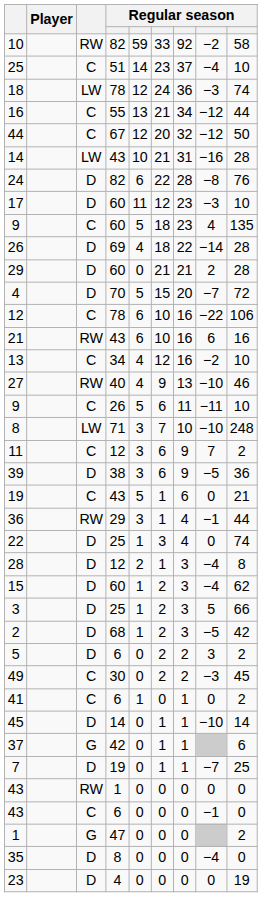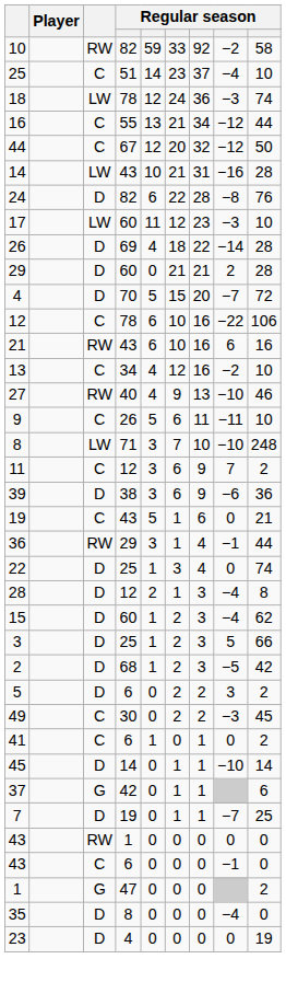 <table class="wikitable sortable plainrowheaders" style="text-align:center;">
 <tr>
 <th scope="col" data-sort-type="number" rowspan="2"></th>
 <th scope="col" rowspan="2">Player</th>
 <th scope="col" rowspan="2"></th>
 <th scope=colgroup colspan=6>Regular season</th>
 </tr>
 <tr>
 <th scope="col" data-sort-type="number"></th>
 <th scope="col" data-sort-type="number"></th>
 <th scope="col" data-sort-type="number"></th>
 <th scope="col" data-sort-type="number"></th>
 <th scope="col" data-sort-type="number"></th>
 <th scope="col" data-sort-type="number"></th>
 </tr>
 <tr>
 <td scope="row">10</td>
 <td align="left"></td>
 <td>RW</td>
 <td>82</td>
 <td>59</td>
 <td>33</td>
 <td>92</td>
 <td>−2</td>
 <td>58</td>
 </tr>
 <tr>
 <td scope="row">25</td>
 <td align="left"></td>
 <td>C</td>
 <td>51</td>
 <td>14</td>
 <td>23</td>
 <td>37</td>
 <td>−4</td>
 <td>10</td>
 </tr>
 <tr>
 <td scope="row">18</td>
 <td align="left"></td>
 <td>LW</td>
 <td>78</td>
 <td>12</td>
 <td>24</td>
 <td>36</td>
 <td>−3</td>
 <td>74</td>
 </tr>
 <tr>
 <td scope="row">16</td>
 <td align="left"></td>
 <td>C</td>
 <td>55</td>
 <td>13</td>
 <td>21</td>
 <td>34</td>
 <td>−12</td>
 <td>44</td>
 </tr>
 <tr>
 <td scope="row">44</td>
 <td align="left"></td>
 <td>C</td>
 <td>67</td>
 <td>12</td>
 <td>20</td>
 <td>32</td>
 <td>−12</td>
 <td>50</td>
 </tr>
 <tr>
 <td scope="row">14</td>
 <td align="left"></td>
 <td>LW</td>
 <td>43</td>
 <td>10</td>
 <td>21</td>
 <td>31</td>
 <td>−16</td>
 <td>28</td>
 </tr>
 <tr>
 <td scope="row">24</td>
 <td align="left"></td>
 <td>D</td>
 <td>82</td>
 <td>6</td>
 <td>22</td>
 <td>28</td>
 <td>−8</td>
 <td>76</td>
 </tr>
 <tr>
 <td scope="row">17</td>
 <td align="left"></td>
-<td>D</td>
+<td>LW</td>
 <td>60</td>
 <td>11</td>
 <td>12</td>
 <td>23</td>
 <td>−3</td>
 <td>10</td>
-</tr>
-<tr>
-<td scope="row">9</td>
-<td align="left"></td>
-<td>C</td>
-<td>60</td>
-<td>5</td>
-<td>18</td>
-<td>23</td>
-<td>4</td>
-<td>135</td>
 </tr>
 <tr>
 <td scope="row">26</td>
 <td align="left"></td>
 <td>D</td>
 <td>69</td>
 <td>4</td>
 <td>18</td>
 <td>22</td>
 <td>−14</td>
 <td>28</td>
 </tr>
 <tr>
 <td scope="row">29</td>
 <td align="left"></td>
 <td>D</td>
 <td>60</td>
 <td>0</td>
 <td>21</td>
 <td>21</td>
 <td>2</td>
 <td>28</td>
 </tr>
 <tr>
 <td scope="row">4</td>
 <td align="left"></td>
 <td>D</td>
 <td>70</td>
 <td>5</td>
 <td>15</td>
 <td>20</td>
 <td>−7</td>
 <td>72</td>
 </tr>
 <tr>
 <td scope="row">12</td>
 <td align="left"></td>
 <td>C</td>
 <td>78</td>
 <td>6</td>
 <td>10</td>
 <td>16</td>
 <td>−22</td>
 <td>106</td>
 </tr>
 <tr>
 <td scope="row">21</td>
 <td align="left"></td>
 <td>RW</td>
 <td>43</td>
 <td>6</td>
 <td>10</td>
 <td>16</td>
 <td>6</td>
 <td>16</td>
 </tr>
 <tr>
 <td scope="row">13</td>
 <td align="left"></td>
 <td>C</td>
 <td>34</td>
 <td>4</td>
 <td>12</td>
 <td>16</td>
 <td>−2</td>
 <td>10</td>
 </tr>
 <tr>
 <td scope="row">27</td>
 <td align="left"></td>
 <td>RW</td>
 <td>40</td>
 <td>4</td>
 <td>9</td>
 <td>13</td>
 <td>−10</td>
 <td>46</td>
 </tr>
 <tr>
 <td scope="row">9</td>
 <td align="left"></td>
 <td>C</td>
 <td>26</td>
 <td>5</td>
 <td>6</td>
 <td>11</td>
 <td>−11</td>
 <td>10</td>
 </tr>
 <tr>
 <td scope="row">8</td>
 <td align="left"></td>
 <td>LW</td>
 <td>71</td>
 <td>3</td>
 <td>7</td>
 <td>10</td>
 <td>−10</td>
 <td>248</td>
 </tr>
 <tr>
 <td scope="row">11</td>
 <td align="left"></td>
 <td>C</td>
 <td>12</td>
 <td>3</td>
 <td>6</td>
 <td>9</td>
 <td>7</td>
 <td>2</td>
 </tr>
 <tr>
 <td scope="row">39</td>
 <td align="left"></td>
 <td>D</td>
 <td>38</td>
 <td>3</td>
 <td>6</td>
 <td>9</td>
-<td>−5</td>
+<td>−6</td>
 <td>36</td>
 </tr>
 <tr>
 <td scope="row">19</td>
 <td align="left"></td>
 <td>C</td>
 <td>43</td>
 <td>5</td>
 <td>1</td>
 <td>6</td>
 <td>0</td>
 <td>21</td>
 </tr>
 <tr>
 <td scope="row">36</td>
 <td align="left"></td>
 <td>RW</td>
 <td>29</td>
 <td>3</td>
 <td>1</td>
 <td>4</td>
 <td>−1</td>
 <td>44</td>
 </tr>
 <tr>
 <td scope="row">22</td>
 <td align="left"></td>
 <td>D</td>
 <td>25</td>
 <td>1</td>
 <td>3</td>
 <td>4</td>
 <td>0</td>
 <td>74</td>
 </tr>
 <tr>
 <td scope="row">28</td>
 <td align="left"></td>
 <td>D</td>
 <td>12</td>
 <td>2</td>
 <td>1</td>
 <td>3</td>
 <td>−4</td>
 <td>8</td>
 </tr>
 <tr>
 <td scope="row">15</td>
 <td align="left"></td>
 <td>D</td>
 <td>60</td>
 <td>1</td>
 <td>2</td>
 <td>3</td>
 <td>−4</td>
 <td>62</td>
 </tr>
 <tr>
 <td scope="row">3</td>
 <td align="left"></td>
 <td>D</td>
 <td>25</td>
 <td>1</td>
 <td>2</td>
 <td>3</td>
 <td>5</td>
 <td>66</td>
 </tr>
 <tr>
 <td scope="row">2</td>
 <td align="left"></td>
 <td>D</td>
 <td>68</td>
 <td>1</td>
 <td>2</td>
 <td>3</td>
 <td>−5</td>
 <td>42</td>
 </tr>
 <tr>
 <td scope="row">5</td>
 <td align="left"></td>
 <td>D</td>
 <td>6</td>
 <td>0</td>
 <td>2</td>
 <td>2</td>
 <td>3</td>
 <td>2</td>
 </tr>
 <tr>
 <td scope="row">49</td>
 <td align="left"></td>
 <td>C</td>
 <td>30</td>
 <td>0</td>
 <td>2</td>
 <td>2</td>
 <td>−3</td>
 <td>45</td>
 </tr>
 <tr>
 <td scope="row">41</td>
 <td align="left"></td>
 <td>C</td>
 <td>6</td>
 <td>1</td>
 <td>0</td>
 <td>1</td>
 <td>0</td>
 <td>2</td>
 </tr>
 <tr>
 <td scope="row">45</td>
 <td align="left"></td>
 <td>D</td>
 <td>14</td>
 <td>0</td>
 <td>1</td>
 <td>1</td>
 <td>−10</td>
 <td>14</td>
 </tr>
 <tr>
 <td scope="row">37</td>
 <td align="left"></td>
 <td>G</td>
 <td>42</td>
 <td>0</td>
 <td>1</td>
 <td>1</td>
 <td style="background:#ccc"></td>
 <td>6</td>
 </tr>
 <tr>
 <td scope="row">7</td>
 <td align="left"></td>
 <td>D</td>
 <td>19</td>
 <td>0</td>
 <td>1</td>
 <td>1</td>
 <td>−7</td>
 <td>25</td>
 </tr>
 <tr>
 <td scope="row">43</td>
 <td align="left"></td>
 <td>RW</td>
 <td>1</td>
 <td>0</td>
 <td>0</td>
 <td>0</td>
 <td>0</td>
 <td>0</td>
 </tr>
 <tr>
 <td scope="row">43</td>
 <td align="left"></td>
 <td>C</td>
 <td>6</td>
 <td>0</td>
 <td>0</td>
 <td>0</td>
 <td>−1</td>
 <td>0</td>
 </tr>
 <tr>
 <td scope="row">1</td>
 <td align="left"></td>
 <td>G</td>
 <td>47</td>
 <td>0</td>
 <td>0</td>
 <td>0</td>
 <td style="background:#ccc"></td>
 <td>2</td>
 </tr>
 <tr>
 <td scope="row">35</td>
 <td align="left"></td>
 <td>D</td>
 <td>8</td>
 <td>0</td>
 <td>0</td>
 <td>0</td>
 <td>−4</td>
 <td>0</td>
 </tr>
 <tr>
 <td scope="row">23</td>
 <td align="left"></td>
 <td>D</td>
 <td>4</td>
 <td>0</td>
 <td>0</td>
 <td>0</td>
 <td>0</td>
 <td>19</td>
 </tr>
 </table>
